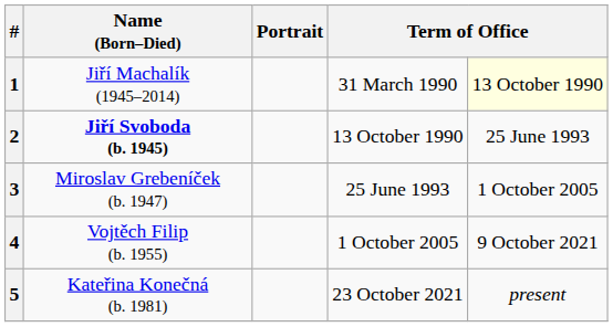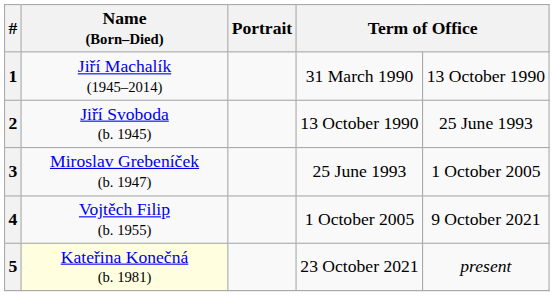 <table class="wikitable sortable" style="text-align:center;">
 <tr ->
 <th>#</th>
 <th width=180>Name<br><small>(Born–Died)</small></th>
 <th>Portrait</th>
 <th colspan=2>Term of Office</th>
 </tr>
 <tr ->
 <th align=center>1</th>
 <td><a href='#'>Jiří Machalík</a><br><small>(1945–2014)</small></td>
 <td></td>
 <td>31 March 1990</td>
-<td style="background: lightyellow;">13 October 1990</td>
+<td>13 October 1990</td>
 </tr>
 <tr ->
 <th align=center>2</th>
-<td><strong><a href='#'>Jiří Svoboda</a><br><small>(b. 1945)</small></strong></td>
+<td><a href='#'>Jiří Svoboda</a><br><small>(b. 1945)</small></td>
 <td></td>
 <td>13 October 1990</td>
 <td>25 June 1993</td>
 </tr>
 <tr ->
 <th align=center>3</th>
 <td><a href='#'>Miroslav Grebeníček</a><br><small>(b. 1947)</small></td>
 <td></td>
 <td>25 June 1993</td>
 <td>1 October 2005</td>
 </tr>
 <tr ->
 <th align=center>4</th>
 <td><a href='#'>Vojtěch Filip</a><br><small>(b. 1955)</small></td>
 <td></td>
 <td>1 October 2005</td>
 <td>9 October 2021</td>
 </tr>
 <tr ->
 <th align=center>5</th>
-<td><a href='#'>Kateřina Konečná</a><br><small>(b. 1981)</small></td>
+<td style="background: lightyellow;"><a href='#'>Kateřina Konečná</a><br><small>(b. 1981)</small></td>
 <td></td>
 <td>23 October 2021</td>
 <td><em>present</em></td>
 </tr>
 <tr ->
 </tr>
 </table>
